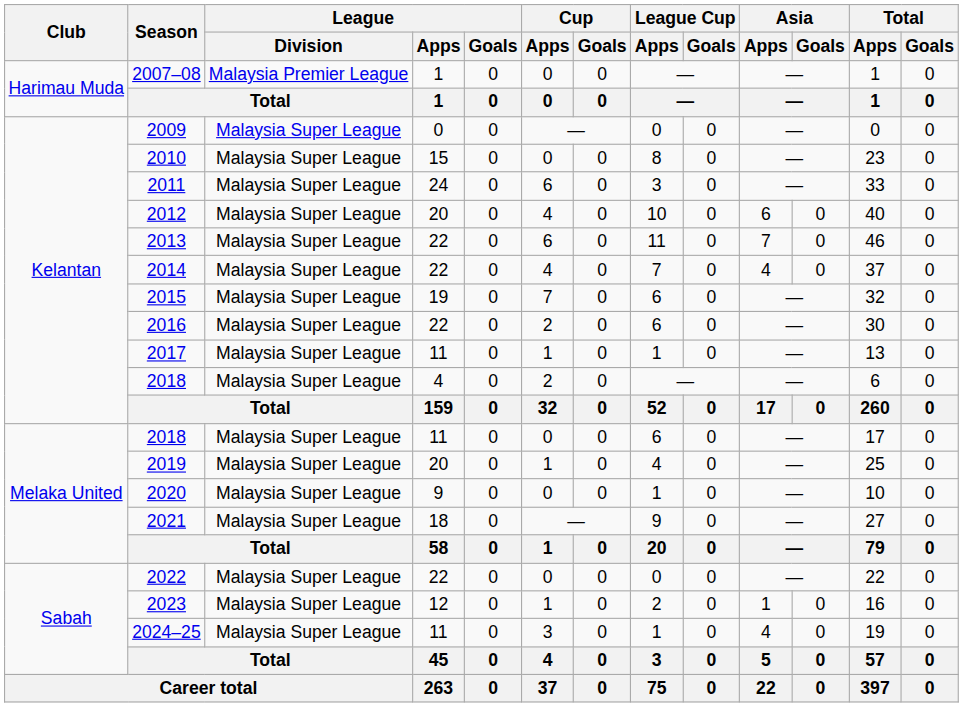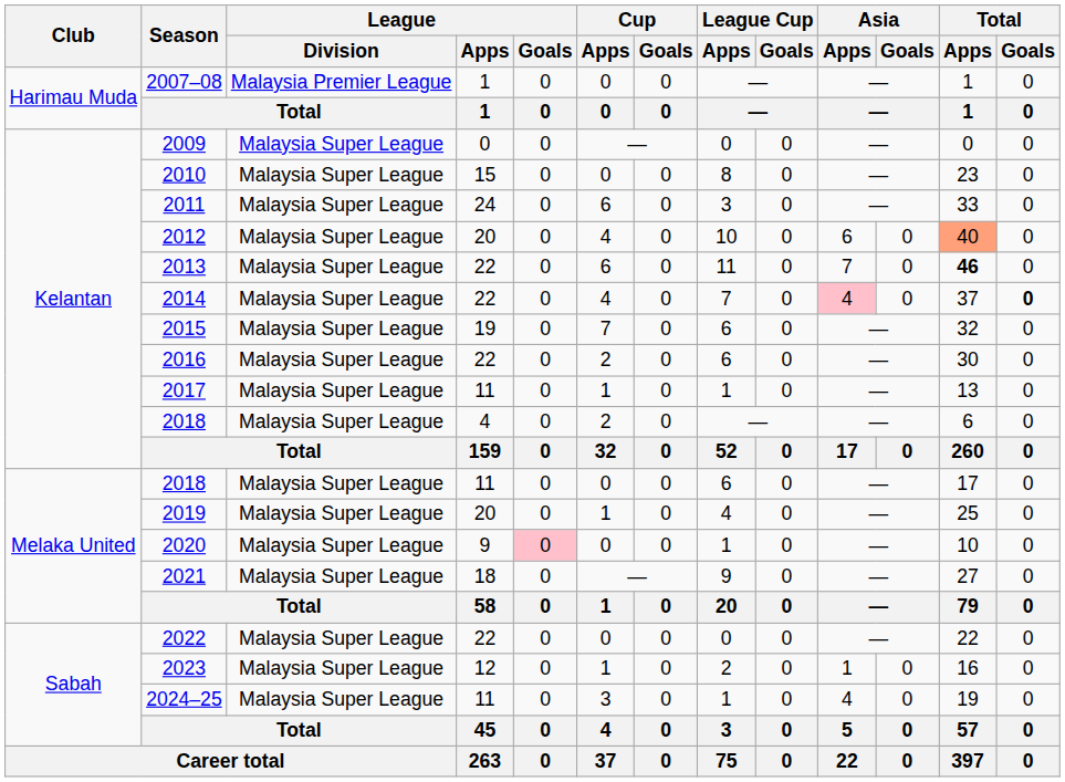 <table class=wikitable style="text-align: center">
 <tr>
 <th rowspan=2>Club</th>
 <th rowspan=2>Season</th>
 <th colspan=3>League</th>
 <th colspan=2>Cup</th>
 <th colspan=2>League Cup</th>
 <th colspan=2>Asia</th>
 <th colspan=2>Total</th>
 </tr>
 <tr>
 <th>Division</th>
 <th>Apps</th>
 <th>Goals</th>
 <th>Apps</th>
 <th>Goals</th>
 <th>Apps</th>
 <th>Goals</th>
 <th>Apps</th>
 <th>Goals</th>
 <th>Apps</th>
 <th>Goals</th>
 </tr>
 <tr>
 <td rowspan=2><a href='#'>Harimau Muda</a></td>
 <td><a href='#'>2007–08</a></td>
 <td><a href='#'>Malaysia Premier League</a></td>
 <td>1</td>
 <td>0</td>
 <td>0</td>
 <td>0</td>
 <td colspan="2">—</td>
 <td colspan="2">—</td>
 <td>1</td>
 <td>0</td>
 </tr>
 <tr>
 <th colspan=2>Total</th>
 <th>1</th>
 <th>0</th>
 <th>0</th>
 <th>0</th>
 <th colspan="2">—</th>
 <th colspan="2">—</th>
 <th>1</th>
 <th>0</th>
 </tr>
 <tr>
 <td rowspan="11"><a href='#'>Kelantan</a></td>
 <td><a href='#'>2009</a></td>
 <td><a href='#'>Malaysia Super League</a></td>
 <td>0</td>
 <td>0</td>
 <td colspan="2">—</td>
 <td>0</td>
 <td>0</td>
 <td colspan="2">—</td>
 <td>0</td>
 <td>0</td>
 </tr>
 <tr>
 <td><a href='#'>2010</a></td>
 <td>Malaysia Super League</td>
 <td>15</td>
 <td>0</td>
 <td>0</td>
 <td>0</td>
 <td>8</td>
 <td>0</td>
 <td colspan="2">—</td>
 <td>23</td>
 <td>0</td>
 </tr>
 <tr>
 <td><a href='#'>2011</a></td>
 <td>Malaysia Super League</td>
 <td>24</td>
 <td>0</td>
 <td>6</td>
 <td>0</td>
 <td>3</td>
 <td>0</td>
 <td colspan="2">—</td>
 <td>33</td>
 <td>0</td>
 </tr>
 <tr>
 <td><a href='#'>2012</a></td>
 <td>Malaysia Super League</td>
 <td>20</td>
 <td>0</td>
 <td>4</td>
 <td>0</td>
 <td>10</td>
 <td>0</td>
 <td>6</td>
 <td>0</td>
-<td>40</td>
+<td style="background: lightsalmon;">40</td>
 <td>0</td>
 </tr>
 <tr>
 <td><a href='#'>2013</a></td>
 <td>Malaysia Super League</td>
 <td>22</td>
 <td>0</td>
 <td>6</td>
 <td>0</td>
 <td>11</td>
 <td>0</td>
 <td>7</td>
 <td>0</td>
-<td>46</td>
+<td><strong>46</strong></td>
 <td>0</td>
 </tr>
 <tr>
 <td><a href='#'>2014</a></td>
 <td>Malaysia Super League</td>
 <td>22</td>
 <td>0</td>
 <td>4</td>
 <td>0</td>
 <td>7</td>
 <td>0</td>
-<td>4</td>
+<td style="background: pink;">4</td>
 <td>0</td>
 <td>37</td>
-<td>0</td>
+<td><strong>0</strong></td>
 </tr>
 <tr>
 <td><a href='#'>2015</a></td>
 <td>Malaysia Super League</td>
 <td>19</td>
 <td>0</td>
 <td>7</td>
 <td>0</td>
 <td>6</td>
 <td>0</td>
 <td colspan="2">—</td>
 <td>32</td>
 <td>0</td>
 </tr>
 <tr>
 <td><a href='#'>2016</a></td>
 <td>Malaysia Super League</td>
 <td>22</td>
 <td>0</td>
 <td>2</td>
 <td>0</td>
 <td>6</td>
 <td>0</td>
 <td colspan="2">—</td>
 <td>30</td>
 <td>0</td>
 </tr>
 <tr>
 <td><a href='#'>2017</a></td>
 <td>Malaysia Super League</td>
 <td>11</td>
 <td>0</td>
 <td>1</td>
 <td>0</td>
 <td>1</td>
 <td>0</td>
 <td colspan="2">—</td>
 <td>13</td>
 <td>0</td>
 </tr>
 <tr>
 <td><a href='#'>2018</a></td>
 <td>Malaysia Super League</td>
 <td>4</td>
 <td>0</td>
 <td>2</td>
 <td>0</td>
 <td colspan="2">—</td>
 <td colspan="2">—</td>
 <td>6</td>
 <td>0</td>
 </tr>
 <tr>
 <th colspan=2>Total</th>
 <th>159</th>
 <th>0</th>
 <th>32</th>
 <th>0</th>
 <th>52</th>
 <th>0</th>
 <th>17</th>
 <th>0</th>
 <th>260</th>
 <th>0</th>
 </tr>
 <tr>
 <td rowspan="5"><a href='#'>Melaka United</a></td>
 <td><a href='#'>2018</a></td>
 <td>Malaysia Super League</td>
 <td>11</td>
 <td>0</td>
 <td>0</td>
 <td>0</td>
 <td>6</td>
 <td>0</td>
 <td colspan="2">—</td>
 <td>17</td>
 <td>0</td>
 </tr>
 <tr>
 <td><a href='#'>2019</a></td>
 <td>Malaysia Super League</td>
 <td>20</td>
 <td>0</td>
 <td>1</td>
 <td>0</td>
 <td>4</td>
 <td>0</td>
 <td colspan="2">—</td>
 <td>25</td>
 <td>0</td>
 </tr>
 <tr>
 <td><a href='#'>2020</a></td>
 <td>Malaysia Super League</td>
 <td>9</td>
-<td>0</td>
+<td style="background: pink;">0</td>
 <td>0</td>
 <td>0</td>
 <td>1</td>
 <td>0</td>
 <td colspan="2">—</td>
 <td>10</td>
 <td>0</td>
 </tr>
 <tr>
 <td><a href='#'>2021</a></td>
 <td>Malaysia Super League</td>
 <td>18</td>
 <td>0</td>
 <td colspan="2">—</td>
 <td>9</td>
 <td>0</td>
 <td colspan="2">—</td>
 <td>27</td>
 <td>0</td>
 </tr>
 <tr>
 <th colspan=2>Total</th>
 <th>58</th>
 <th>0</th>
 <th>1</th>
 <th>0</th>
 <th>20</th>
 <th>0</th>
 <th colspan="2">—</th>
 <th>79</th>
 <th>0</th>
 </tr>
 <tr>
 <td rowspan="4"><a href='#'>Sabah</a></td>
 <td><a href='#'>2022</a></td>
 <td>Malaysia Super League</td>
 <td>22</td>
 <td>0</td>
 <td>0</td>
 <td>0</td>
 <td>0</td>
 <td>0</td>
 <td colspan="2">—</td>
 <td>22</td>
 <td>0</td>
 </tr>
 <tr>
 <td><a href='#'>2023</a></td>
 <td>Malaysia Super League</td>
 <td>12</td>
 <td>0</td>
 <td>1</td>
 <td>0</td>
 <td>2</td>
 <td>0</td>
 <td>1</td>
 <td>0</td>
 <td>16</td>
 <td>0</td>
 </tr>
 <tr>
 <td><a href='#'>2024–25</a></td>
 <td>Malaysia Super League</td>
 <td>11</td>
 <td>0</td>
 <td>3</td>
 <td>0</td>
 <td>1</td>
 <td>0</td>
 <td>4</td>
 <td>0</td>
 <td>19</td>
 <td>0</td>
 </tr>
 <tr>
 <th colspan=2>Total</th>
 <th>45</th>
 <th>0</th>
 <th>4</th>
 <th>0</th>
 <th>3</th>
 <th>0</th>
 <th>5</th>
 <th>0</th>
 <th>57</th>
 <th>0</th>
 </tr>
 <tr>
 <th colspan=3>Career total</th>
 <th>263</th>
 <th>0</th>
 <th>37</th>
 <th>0</th>
 <th>75</th>
 <th>0</th>
 <th>22</th>
 <th>0</th>
 <th>397</th>
 <th>0</th>
 </tr>
 </table>
